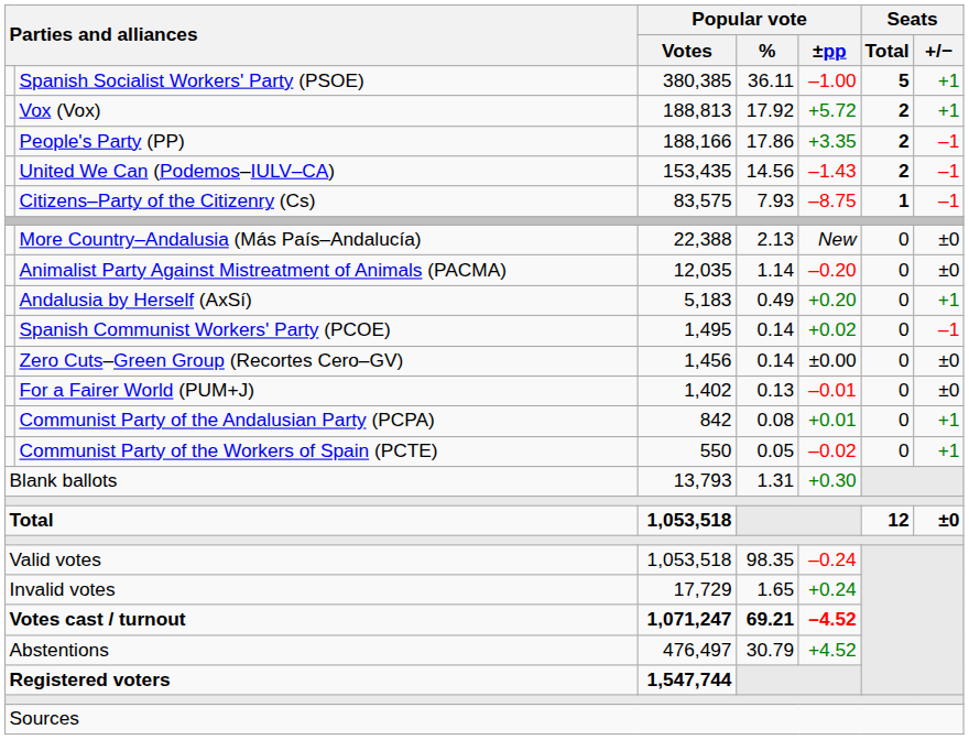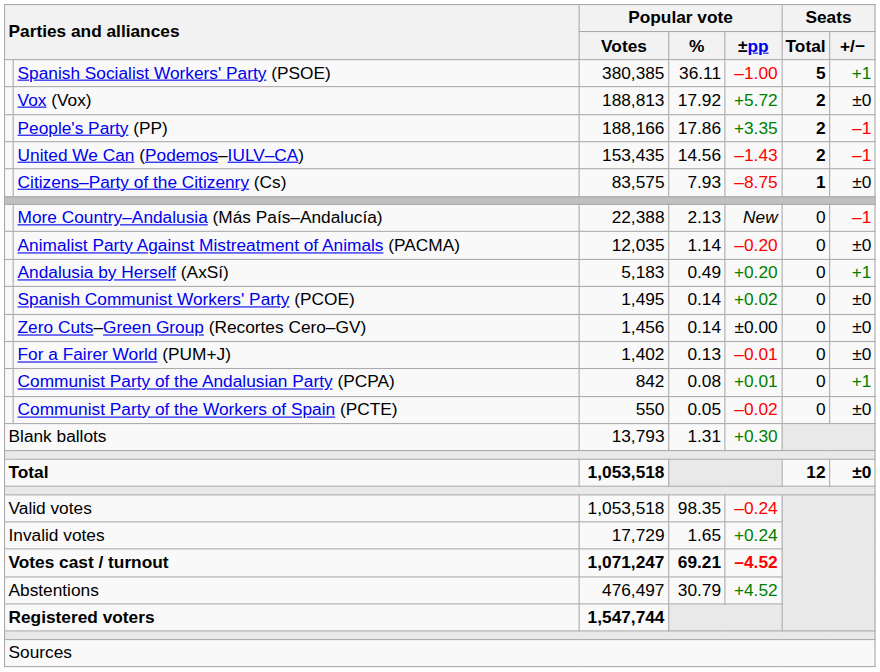 <table class="wikitable" style="text-align:right;">
 <tr>
 <th style="text-align:left;" rowspan="2" colspan="2" width="525">Parties and alliances</th>
 <th colspan="3">Popular vote</th>
 <th colspan="2">Seats</th>
 </tr>
 <tr>
 <th width="75">Votes</th>
 <th width="45">%</th>
 <th width="45">±<a href='#'>pp</a></th>
 <th width="35">Total</th>
 <th width="35">+/−</th>
 </tr>
 <tr>
 <td width="1" style="color:inherit;background:"></td>
 <td align="left"><a href='#'>Spanish Socialist Workers' Party</a> (PSOE)</td>
 <td>380,385</td>
 <td>36.11</td>
 <td style="color:red;">–1.00</td>
 <td><strong>5</strong></td>
 <td style="color:green;">+1</td>
 </tr>
 <tr>
 <td style="color:inherit;background:"></td>
 <td align="left"><a href='#'>Vox</a> (Vox)</td>
 <td>188,813</td>
 <td>17.92</td>
 <td style="color:green;">+5.72</td>
 <td><strong>2</strong></td>
-<td style="color:green;">+1</td>
+<td>±0</td>
 </tr>
 <tr>
 <td style="color:inherit;background:"></td>
 <td align="left"><a href='#'>People's Party</a> (PP)</td>
 <td>188,166</td>
 <td>17.86</td>
 <td style="color:green;">+3.35</td>
 <td><strong>2</strong></td>
 <td style="color:red;">–1</td>
 </tr>
 <tr>
 <td style="color:inherit;background:"></td>
 <td align="left"><a href='#'>United We Can</a> (<a href='#'>Podemos</a>–<a href='#'>IULV–CA</a>)</td>
 <td>153,435</td>
 <td>14.56</td>
 <td style="color:red;">–1.43</td>
 <td><strong>2</strong></td>
 <td style="color:red;">–1</td>
 </tr>
 <tr>
 <td style="color:inherit;background:"></td>
 <td align="left"><a href='#'>Citizens–Party of the Citizenry</a> (Cs)</td>
 <td>83,575</td>
 <td>7.93</td>
 <td style="color:red;">–8.75</td>
 <td><strong>1</strong></td>
-<td style="color:red;">–1</td>
+<td>±0</td>
 </tr>
 <tr>
 <td colspan="7" bgcolor="#C0C0C0"></td>
 </tr>
 <tr>
 <td style="color:inherit;background:"></td>
 <td align="left"><a href='#'>More Country–Andalusia</a> (Más País–Andalucía)</td>
 <td>22,388</td>
 <td>2.13</td>
 <td><em>New</em></td>
 <td>0</td>
-<td>±0</td>
+<td style="color:red;">–1</td>
 </tr>
 <tr>
 <td style="color:inherit;background:"></td>
 <td align="left"><a href='#'>Animalist Party Against Mistreatment of Animals</a> (PACMA)</td>
 <td>12,035</td>
 <td>1.14</td>
 <td style="color:red;">–0.20</td>
 <td>0</td>
 <td>±0</td>
 </tr>
 <tr>
 <td style="color:inherit;background:"></td>
 <td align="left"><a href='#'>Andalusia by Herself</a> (AxSí)</td>
 <td>5,183</td>
 <td>0.49</td>
 <td style="color:green;">+0.20</td>
 <td>0</td>
 <td style="color:green;">+1</td>
 </tr>
 <tr>
 <td style="color:inherit;background:"></td>
 <td align="left"><a href='#'>Spanish Communist Workers' Party</a> (PCOE)</td>
 <td>1,495</td>
 <td>0.14</td>
 <td style="color:green;">+0.02</td>
 <td>0</td>
-<td style="color:red;">–1</td>
+<td>±0</td>
 </tr>
 <tr>
 <td style="color:inherit;background:"></td>
 <td align="left"><a href='#'>Zero Cuts</a>–<a href='#'>Green Group</a> (Recortes Cero–GV)</td>
 <td>1,456</td>
 <td>0.14</td>
 <td>±0.00</td>
 <td>0</td>
 <td>±0</td>
 </tr>
 <tr>
 <td style="color:inherit;background:"></td>
 <td align="left"><a href='#'>For a Fairer World</a> (PUM+J)</td>
 <td>1,402</td>
 <td>0.13</td>
 <td style="color:red;">–0.01</td>
 <td>0</td>
 <td>±0</td>
 </tr>
 <tr>
 <td style="color:inherit;background:"></td>
 <td align="left"><a href='#'>Communist Party of the Andalusian Party</a> (PCPA)</td>
 <td>842</td>
 <td>0.08</td>
 <td style="color:green;">+0.01</td>
 <td>0</td>
 <td style="color:green;">+1</td>
 </tr>
 <tr>
 <td style="color:inherit;background:"></td>
 <td align="left"><a href='#'>Communist Party of the Workers of Spain</a> (PCTE)</td>
 <td>550</td>
 <td>0.05</td>
 <td style="color:red;">–0.02</td>
 <td>0</td>
-<td style="color:green;">+1</td>
+<td>±0</td>
 </tr>
 <tr>
 <td align="left" colspan="2">Blank ballots</td>
 <td>13,793</td>
 <td>1.31</td>
 <td style="color:green;">+0.30</td>
 <td bgcolor="#E9E9E9" colspan="2"></td>
 </tr>
 <tr>
 <td colspan="7" bgcolor="#E9E9E9"></td>
 </tr>
 <tr style="font-weight:bold;">
 <td align="left" colspan="2">Total</td>
 <td>1,053,518</td>
 <td bgcolor="#E9E9E9" colspan="2"></td>
 <td>12</td>
 <td>±0</td>
 </tr>
 <tr>
 <td colspan="7" bgcolor="#E9E9E9"></td>
 </tr>
 <tr>
 <td align="left" colspan="2">Valid votes</td>
 <td>1,053,518</td>
 <td>98.35</td>
 <td style="color:red;">–0.24</td>
 <td bgcolor="#E9E9E9" colspan="2" rowspan="5"></td>
 </tr>
 <tr>
 <td align="left" colspan="2">Invalid votes</td>
 <td>17,729</td>
 <td>1.65</td>
 <td style="color:green;">+0.24</td>
 </tr>
 <tr style="font-weight:bold;">
 <td align="left" colspan="2">Votes cast / turnout</td>
 <td>1,071,247</td>
 <td>69.21</td>
 <td style="color:red;">–4.52</td>
 </tr>
 <tr>
 <td align="left" colspan="2">Abstentions</td>
 <td>476,497</td>
 <td>30.79</td>
 <td style="color:green;">+4.52</td>
 </tr>
 <tr style="font-weight:bold;">
 <td align="left" colspan="2">Registered voters</td>
 <td>1,547,744</td>
 <td bgcolor="#E9E9E9" colspan="2"></td>
 </tr>
 <tr>
 <td colspan="7" bgcolor="#E9E9E9"></td>
 </tr>
 <tr>
 <td align="left" colspan="7">Sources</td>
 </tr>
 </table>
